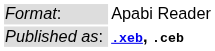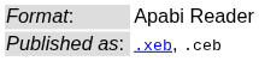 <table style="text-align:left;">
 <tr>
 <td style="background:#ddd; width:100px;"><em>Format</em>:</td>
 <td>Apabi Reader</td>
 </tr>
 <tr>
 <td style="background:#ddd;"><em>Published as</em>:</td>
-<td><strong><code><a href='#'>.xeb</a></code>, <code>.ceb</code></strong></td>
+<td><code><a href='#'>.xeb</a></code>, <code>.ceb</code></td>
 </tr>
 </table>
